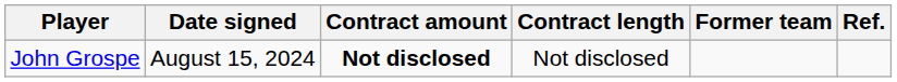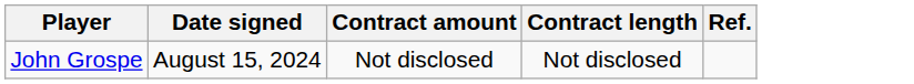 <table class="wikitable sortable sortable">
 <tr>
 <th>Player</th>
 <th>Date signed</th>
 <th>Contract amount</th>
 <th>Contract length</th>
-<th>Former team</th>
 <th>Ref.</th>
 </tr>
 <tr>
 <td align=center><a href='#'>John Grospe</a></td>
 <td align=center>August 15, 2024</td>
-<td align=center><strong>Not disclosed</strong></td>
 <td align=center>Not disclosed</td>
-<td align=center></td>
+<td align=center>Not disclosed</td>
 <td align=center></td>
 </tr>
 </table>
